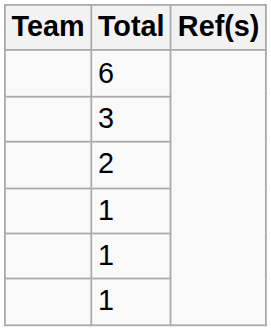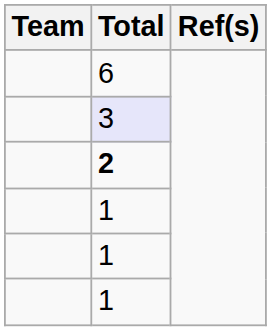 <table class="wikitable">
 <tr>
 <th>Team</th>
 <th>Total</th>
 <th>Ref(s)</th>
 </tr>
 <tr>
 <td></td>
 <td>6</td>
 <td rowspan=6></td>
 </tr>
 <tr>
 <td></td>
-<td>3</td>
+<td style="background: lavender;">3</td>
 </tr>
 <tr>
 <td></td>
-<td>2</td>
+<td><strong>2</strong></td>
 </tr>
 <tr>
 <td></td>
 <td>1</td>
 </tr>
 <tr>
 <td></td>
 <td>1</td>
 </tr>
 <tr>
 <td></td>
 <td>1</td>
 </tr>
 </table>
